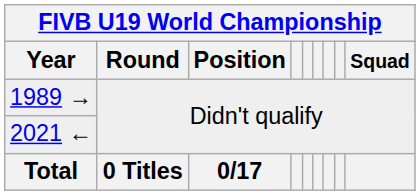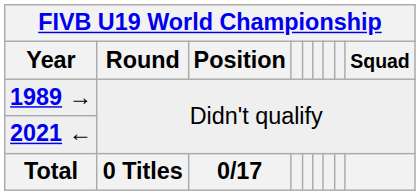 <table class="wikitable" style="text-align: center;">
 <tr>
 <th colspan=9><a href='#'>FIVB U19 World Championship</a></th>
 </tr>
 <tr>
 <th>Year</th>
 <th>Round</th>
 <th>Position</th>
 <th></th>
 <th></th>
 <th></th>
 <th></th>
 <th></th>
 <th><small>Squad</small></th>
 </tr>
 <tr bgcolor="efefef">
-<td> <a href='#'>1989</a> →</td>
+<td><strong> <a href='#'>1989</a> →</strong></td>
 <td colspan="8" rowspan=2>Didn't qualify</td>
 </tr>
 <tr bgcolor="efefef">
-<td> <a href='#'>2021</a> ←</td>
+<td><strong> <a href='#'>2021</a> ←</strong></td>
 </tr>
 <tr>
 <th>Total</th>
 <th>0 Titles</th>
 <th>0/17</th>
 <th></th>
 <th></th>
 <th></th>
 <th></th>
 <th></th>
 <th></th>
 </tr>
 </table>
